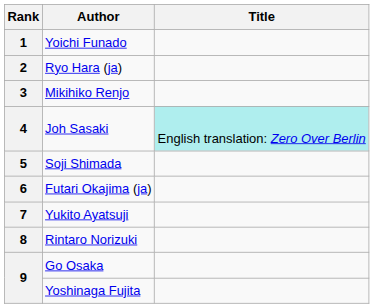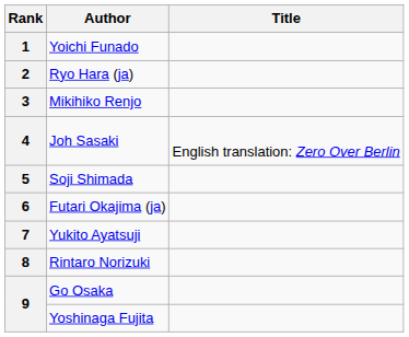 <table class="wikitable sortable" style="font-size:1.00em; line-height:1.5em;">
 <tr>
 <th>Rank</th>
 <th>Author</th>
 <th>Title</th>
 </tr>
 <tr>
 <th>1</th>
 <td><a href='#'>Yoichi Funado</a></td>
 <td></td>
 </tr>
 <tr>
 <th>2</th>
 <td><a href='#'>Ryo Hara</a> (<a href='#'>ja</a>)</td>
 <td></td>
 </tr>
 <tr>
 <th>3</th>
 <td><a href='#'>Mikihiko Renjo</a></td>
 <td></td>
 </tr>
 <tr>
 <th>4</th>
 <td><a href='#'>Joh Sasaki</a></td>
-<td style="background: paleturquoise;"><br>English translation: <em><a href='#'>Zero Over Berlin</a></em></td>
+<td><br>English translation: <em><a href='#'>Zero Over Berlin</a></em></td>
 </tr>
 <tr>
 <th>5</th>
 <td><a href='#'>Soji Shimada</a></td>
 <td></td>
 </tr>
 <tr>
 <th>6</th>
 <td><a href='#'>Futari Okajima</a> (<a href='#'>ja</a>)</td>
 <td></td>
 </tr>
 <tr>
 <th>7</th>
 <td><a href='#'>Yukito Ayatsuji</a></td>
 <td></td>
 </tr>
 <tr>
 <th>8</th>
 <td><a href='#'>Rintaro Norizuki</a></td>
 <td></td>
 </tr>
 <tr>
 <th rowspan="2">9</th>
 <td><a href='#'>Go Osaka</a></td>
 <td></td>
 </tr>
 <tr>
 <td><a href='#'>Yoshinaga Fujita</a></td>
 <td></td>
 </tr>
 </table>
